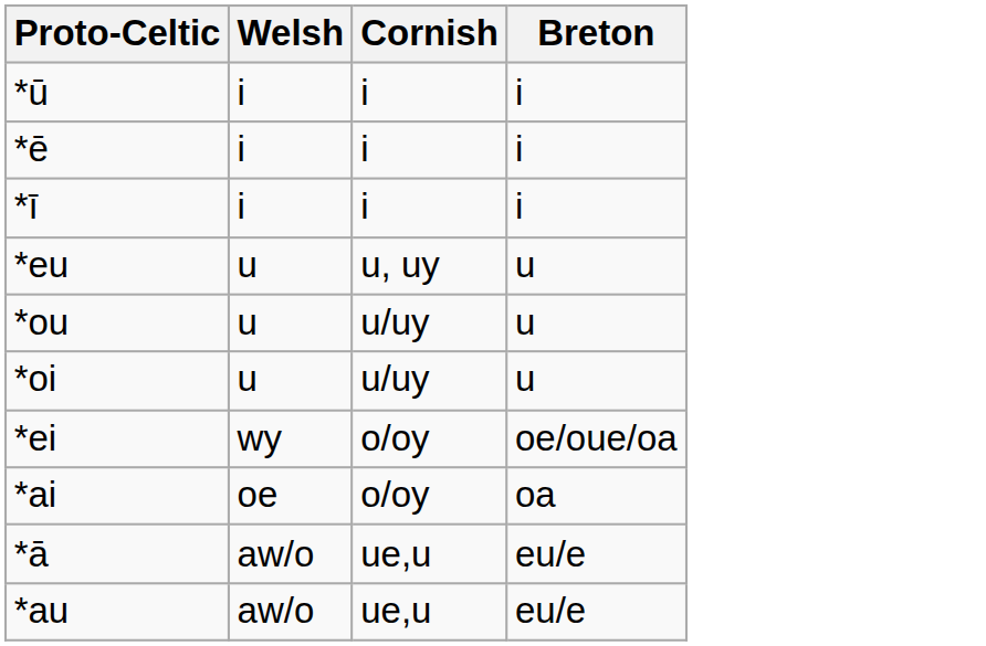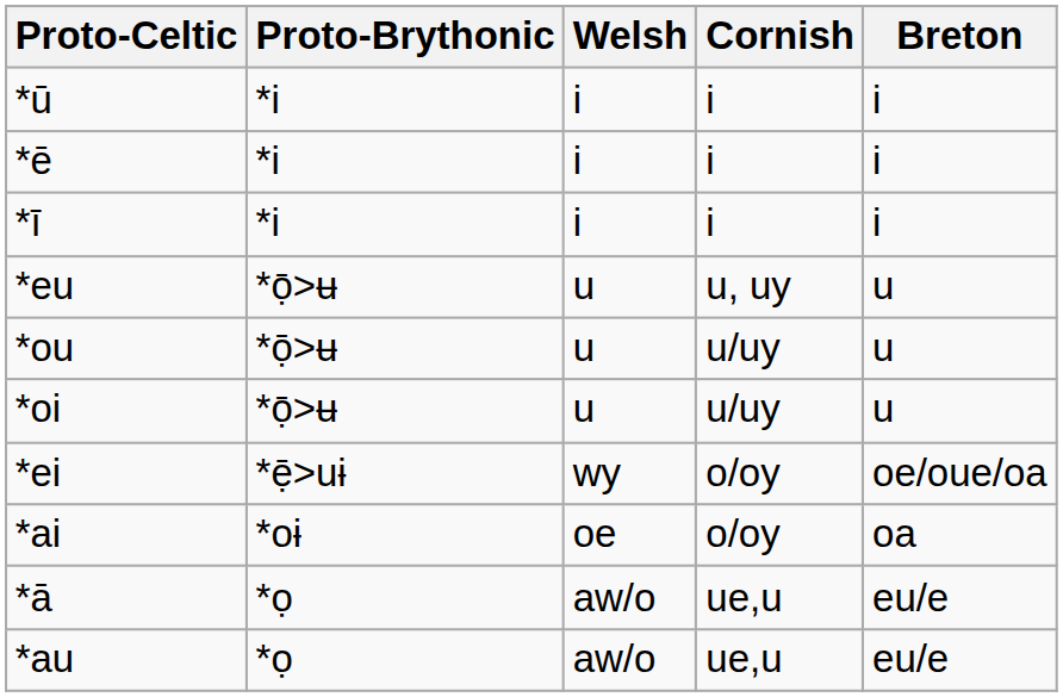 <table class="wikitable">
 <tr>
 <th>Proto-Celtic</th>
+<th>Proto-Brythonic</th>
 <th>Welsh</th>
 <th>Cornish</th>
 <th>Breton</th>
 </tr>
 <tr>
 <td>*ū</td>
+<td>*i</td>
 <td>i</td>
 <td>i</td>
 <td>i</td>
 </tr>
 <tr>
 <td>*ē</td>
+<td>*i</td>
 <td>i</td>
 <td>i</td>
 <td>i</td>
 </tr>
 <tr>
 <td>*ī</td>
+<td>*i</td>
 <td>i</td>
 <td>i</td>
 <td>i</td>
 </tr>
 <tr>
 <td>*eu</td>
+<td>*ọ̄>ʉ</td>
 <td>u</td>
 <td>u, uy</td>
 <td>u</td>
 </tr>
 <tr>
 <td>*ou</td>
+<td>*ọ̄>ʉ</td>
 <td>u</td>
 <td>u/uy</td>
 <td>u</td>
 </tr>
 <tr>
 <td>*oi</td>
+<td>*ọ̄>ʉ</td>
 <td>u</td>
 <td>u/uy</td>
 <td>u</td>
 </tr>
 <tr>
 <td>*ei</td>
+<td>*ẹ̄>uɨ</td>
 <td>wy</td>
 <td>o/oy</td>
 <td>oe/oue/oa</td>
 </tr>
 <tr>
 <td>*ai</td>
+<td>*oɨ</td>
 <td>oe</td>
 <td>o/oy</td>
 <td>oa</td>
 </tr>
 <tr>
 <td>*ā</td>
+<td>*ọ</td>
 <td>aw/o</td>
 <td>ue,u</td>
 <td>eu/e</td>
 </tr>
 <tr>
 <td>*au</td>
+<td>*ọ</td>
 <td>aw/o</td>
 <td>ue,u</td>
 <td>eu/e</td>
 </tr>
 </table>
